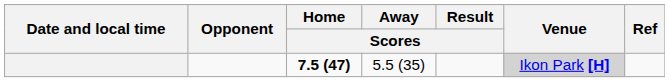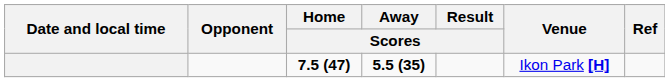 <table class="wikitable plainrowheaders" style="font-size:90%; width:100%; text-align:center;">
 <tr>
 <th scope="col" rowspan="2">Date and local time</th>
 <th scope="col" rowspan="2">Opponent</th>
 <th scope="col">Home</th>
 <th scope="col">Away</th>
 <th scope="col">Result</th>
 <th scope="col" rowspan="2">Venue</th>
 <th scope="col" class="unsortable" rowspan=2>Ref</th>
 </tr>
 <tr>
 <th scope="col" colspan="3">Scores</th>
 </tr>
 <tr>
 <th scope="row"> </th>
 <td align=left></td>
 <td><strong>7.5 (47)</strong></td>
-<td>5.5 (35)</td>
+<td><strong>5.5 (35)</strong></td>
 <td></td>
-<td style="background: lightgrey;"><a href='#'>Ikon Park</a> <a href='#'><strong>[H]</strong></a></td>
+<td><a href='#'>Ikon Park</a> <a href='#'><strong>[H]</strong></a></td>
 <td></td>
 </tr>
 </table>
